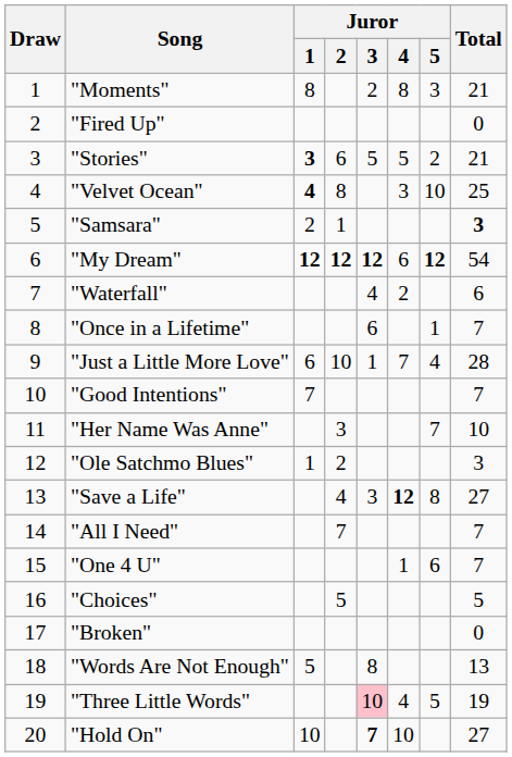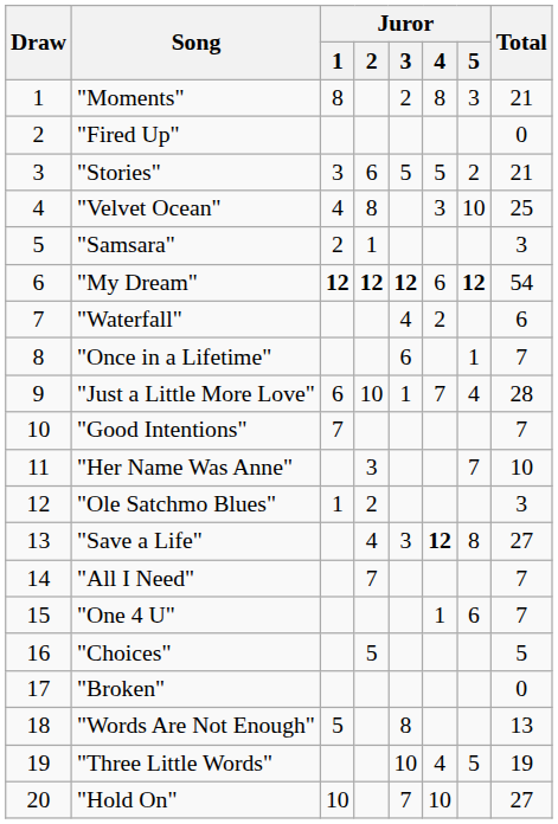 <table class="wikitable collapsible" style="margin: 1em auto 1em auto; text-align:center;">
 <tr>
 <th rowspan="2">Draw</th>
 <th rowspan="2">Song</th>
 <th colspan="5">Juror</th>
 <th rowspan="2">Total</th>
 </tr>
 <tr>
 <th>1</th>
 <th>2</th>
 <th>3</th>
 <th>4</th>
 <th>5</th>
 </tr>
 <tr>
 <td>1</td>
 <td align="left">"Moments"</td>
 <td>8</td>
 <td></td>
 <td>2</td>
 <td>8</td>
 <td>3</td>
 <td>21</td>
 </tr>
 <tr>
 <td>2</td>
 <td align="left">"Fired Up"</td>
 <td></td>
 <td></td>
 <td></td>
 <td></td>
 <td></td>
 <td>0</td>
 </tr>
 <tr>
 <td>3</td>
 <td align="left">"Stories"</td>
-<td><strong>3</strong></td>
+<td>3</td>
 <td>6</td>
 <td>5</td>
 <td>5</td>
 <td>2</td>
 <td>21</td>
 </tr>
 <tr>
 <td>4</td>
 <td align="left">"Velvet Ocean"</td>
-<td><strong>4</strong></td>
+<td>4</td>
 <td>8</td>
 <td></td>
 <td>3</td>
 <td>10</td>
 <td>25</td>
 </tr>
 <tr>
 <td>5</td>
 <td align="left">"Samsara"</td>
 <td>2</td>
 <td>1</td>
 <td></td>
 <td></td>
 <td></td>
-<td><strong>3</strong></td>
+<td>3</td>
 </tr>
 <tr>
 <td>6</td>
 <td align="left">"My Dream"</td>
 <td><strong>12</strong></td>
 <td><strong>12</strong></td>
 <td><strong>12</strong></td>
 <td>6</td>
 <td><strong>12</strong></td>
 <td>54</td>
 </tr>
 <tr>
 <td>7</td>
 <td align="left">"Waterfall"</td>
 <td></td>
 <td></td>
 <td>4</td>
 <td>2</td>
 <td></td>
 <td>6</td>
 </tr>
 <tr>
 <td>8</td>
 <td align="left">"Once in a Lifetime"</td>
 <td></td>
 <td></td>
 <td>6</td>
 <td></td>
 <td>1</td>
 <td>7</td>
 </tr>
 <tr>
 <td>9</td>
 <td align="left">"Just a Little More Love"</td>
 <td>6</td>
 <td>10</td>
 <td>1</td>
 <td>7</td>
 <td>4</td>
 <td>28</td>
 </tr>
 <tr>
 <td>10</td>
 <td align="left">"Good Intentions"</td>
 <td>7</td>
 <td></td>
 <td></td>
 <td></td>
 <td></td>
 <td>7</td>
 </tr>
 <tr>
 <td>11</td>
 <td align="left">"Her Name Was Anne"</td>
 <td></td>
 <td>3</td>
 <td></td>
 <td></td>
 <td>7</td>
 <td>10</td>
 </tr>
 <tr>
 <td>12</td>
 <td align="left">"Ole Satchmo Blues"</td>
 <td>1</td>
 <td>2</td>
 <td></td>
 <td></td>
 <td></td>
 <td>3</td>
 </tr>
 <tr>
 <td>13</td>
 <td align="left">"Save a Life"</td>
 <td></td>
 <td>4</td>
 <td>3</td>
 <td><strong>12</strong></td>
 <td>8</td>
 <td>27</td>
 </tr>
 <tr>
 <td>14</td>
 <td align="left">"All I Need"</td>
 <td></td>
 <td>7</td>
 <td></td>
 <td></td>
 <td></td>
 <td>7</td>
 </tr>
 <tr>
 <td>15</td>
 <td align="left">"One 4 U"</td>
 <td></td>
 <td></td>
 <td></td>
 <td>1</td>
 <td>6</td>
 <td>7</td>
 </tr>
 <tr>
 <td>16</td>
 <td align="left">"Choices"</td>
 <td></td>
 <td>5</td>
 <td></td>
 <td></td>
 <td></td>
 <td>5</td>
 </tr>
 <tr>
 <td>17</td>
 <td align="left">"Broken"</td>
 <td></td>
 <td></td>
 <td></td>
 <td></td>
 <td></td>
 <td>0</td>
 </tr>
 <tr>
 <td>18</td>
 <td align="left">"Words Are Not Enough"</td>
 <td>5</td>
 <td></td>
 <td>8</td>
 <td></td>
 <td></td>
 <td>13</td>
 </tr>
 <tr>
 <td>19</td>
 <td align="left">"Three Little Words"</td>
 <td></td>
 <td></td>
-<td style="background: pink;">10</td>
+<td>10</td>
 <td>4</td>
 <td>5</td>
 <td>19</td>
 </tr>
 <tr>
 <td>20</td>
 <td align="left">"Hold On"</td>
 <td>10</td>
 <td></td>
-<td><strong>7</strong></td>
+<td>7</td>
 <td>10</td>
 <td></td>
 <td>27</td>
 </tr>
 </table>
